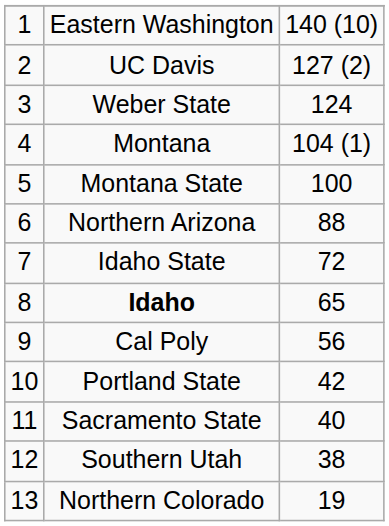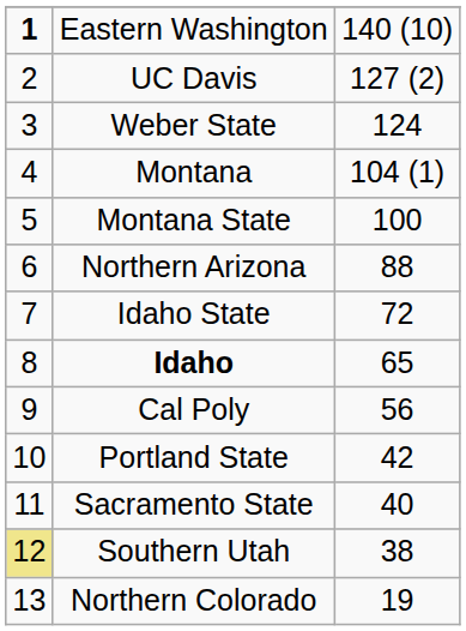 <table class="wikitable" style="display: inline-table;">
 <tr align="center">
 </tr>
 <tr align="center">
-<td>1</td>
+<td><strong>1</strong></td>
 <td>Eastern Washington</td>
 <td>140 (10)</td>
 </tr>
 <tr align="center">
 <td>2</td>
 <td>UC Davis</td>
 <td>127 (2)</td>
 </tr>
 <tr align="center">
 <td>3</td>
 <td>Weber State</td>
 <td>124</td>
 </tr>
 <tr align="center">
 <td>4</td>
 <td>Montana</td>
 <td>104 (1)</td>
 </tr>
 <tr align="center">
 <td>5</td>
 <td>Montana State</td>
 <td>100</td>
 </tr>
 <tr align="center">
 <td>6</td>
 <td>Northern Arizona</td>
 <td>88</td>
 </tr>
 <tr align="center">
 <td>7</td>
 <td>Idaho State</td>
 <td>72</td>
 </tr>
 <tr align="center">
 <td>8</td>
 <td><strong>Idaho</strong></td>
 <td>65</td>
 </tr>
 <tr align="center">
 <td>9</td>
 <td>Cal Poly</td>
 <td>56</td>
 </tr>
 <tr align="center">
 <td>10</td>
 <td>Portland State</td>
 <td>42</td>
 </tr>
 <tr align="center">
 <td>11</td>
 <td>Sacramento State</td>
 <td>40</td>
 </tr>
 <tr align="center">
-<td>12</td>
+<td style="background: khaki;">12</td>
 <td>Southern Utah</td>
 <td>38</td>
 </tr>
 <tr align="center">
 <td>13</td>
 <td>Northern Colorado</td>
 <td>19</td>
 </tr>
 </table>
